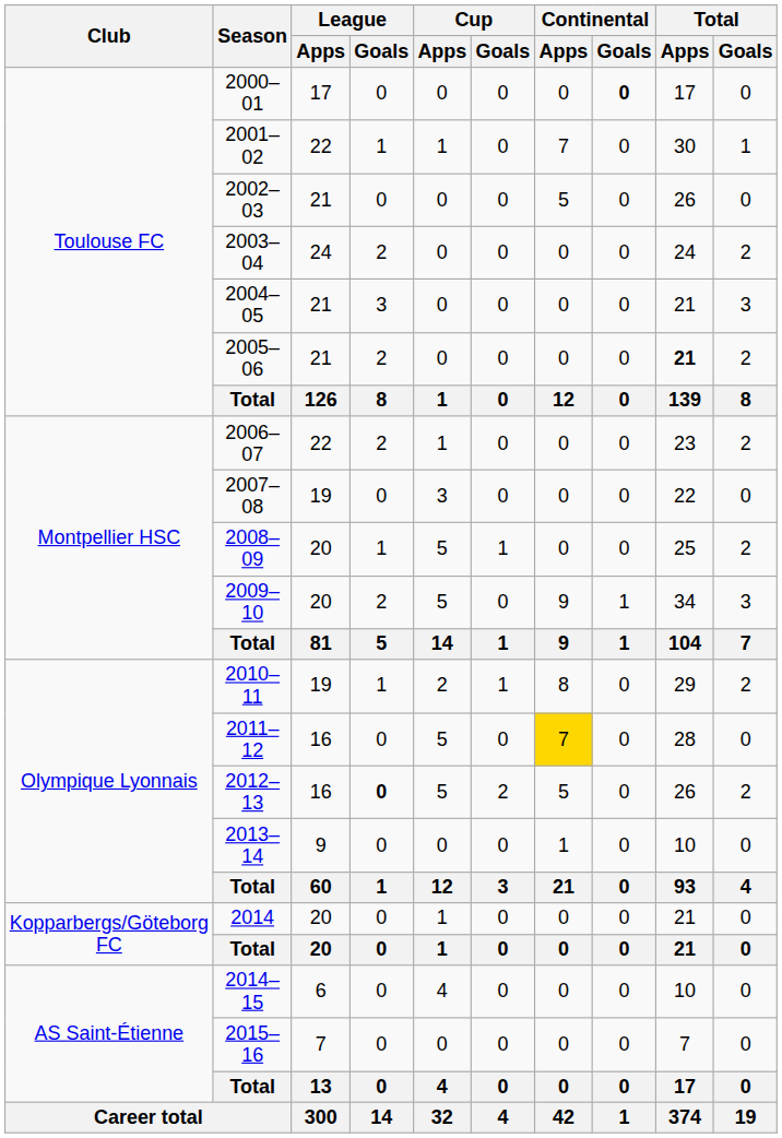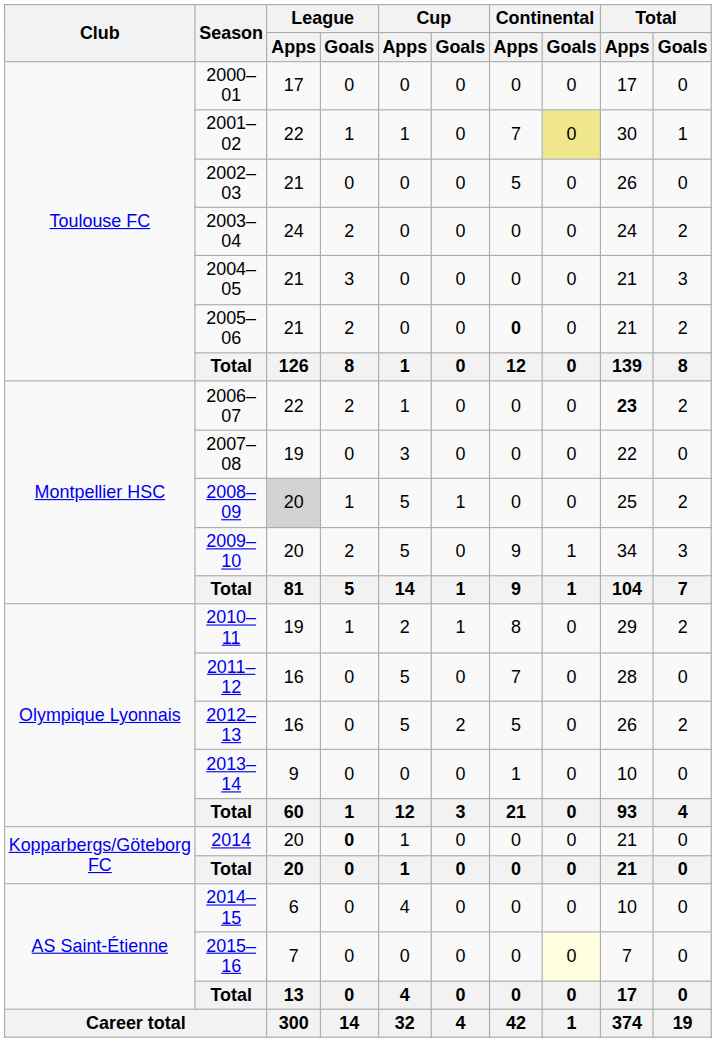 <table class="wikitable" style="text-align: center;">
 <tr>
 <th rowspan="2">Club</th>
 <th rowspan="2">Season</th>
 <th colspan="2">League</th>
 <th colspan="2">Cup</th>
 <th colspan="2">Continental</th>
 <th colspan="2">Total</th>
 </tr>
 <tr>
 <th>Apps</th>
 <th>Goals</th>
 <th>Apps</th>
 <th>Goals</th>
 <th>Apps</th>
 <th>Goals</th>
 <th>Apps</th>
 <th>Goals</th>
 </tr>
 <tr>
 <td rowspan="7" valign="center"><a href='#'>Toulouse FC</a></td>
 <td>2000–01</td>
 <td>17</td>
 <td>0</td>
 <td>0</td>
 <td>0</td>
 <td>0</td>
-<td><strong>0</strong></td>
+<td>0</td>
 <td>17</td>
 <td>0</td>
 </tr>
 <tr>
 <td>2001–02</td>
 <td>22</td>
 <td>1</td>
 <td>1</td>
 <td>0</td>
 <td>7</td>
-<td>0</td>
+<td style="background: khaki;">0</td>
 <td>30</td>
 <td>1</td>
 </tr>
 <tr>
 <td>2002–03</td>
 <td>21</td>
 <td>0</td>
 <td>0</td>
 <td>0</td>
 <td>5</td>
 <td>0</td>
 <td>26</td>
 <td>0</td>
 </tr>
 <tr>
 <td>2003–04</td>
 <td>24</td>
 <td>2</td>
 <td>0</td>
 <td>0</td>
 <td>0</td>
 <td>0</td>
 <td>24</td>
 <td>2</td>
 </tr>
 <tr>
 <td>2004–05</td>
 <td>21</td>
 <td>3</td>
 <td>0</td>
 <td>0</td>
 <td>0</td>
 <td>0</td>
 <td>21</td>
 <td>3</td>
 </tr>
 <tr>
 <td>2005–06</td>
 <td>21</td>
 <td>2</td>
 <td>0</td>
 <td>0</td>
+<td><strong>0</strong></td>
 <td>0</td>
-<td>0</td>
-<td><strong>21</strong></td>
+<td>21</td>
 <td>2</td>
 </tr>
 <tr>
 <th>Total</th>
 <th>126</th>
 <th>8</th>
 <th>1</th>
 <th>0</th>
 <th>12</th>
 <th>0</th>
 <th>139</th>
 <th>8</th>
 </tr>
 <tr>
 <td rowspan="5" valign="center"><a href='#'>Montpellier HSC</a></td>
 <td>2006–07</td>
 <td>22</td>
 <td>2</td>
 <td>1</td>
 <td>0</td>
 <td>0</td>
 <td>0</td>
-<td>23</td>
+<td><strong>23</strong></td>
 <td>2</td>
 </tr>
 <tr>
 <td>2007–08</td>
 <td>19</td>
 <td>0</td>
 <td>3</td>
 <td>0</td>
 <td>0</td>
 <td>0</td>
 <td>22</td>
 <td>0</td>
 </tr>
 <tr>
 <td><a href='#'>2008–09</a></td>
-<td>20</td>
+<td style="background: lightgrey;">20</td>
 <td>1</td>
 <td>5</td>
 <td>1</td>
 <td>0</td>
 <td>0</td>
 <td>25</td>
 <td>2</td>
 </tr>
 <tr>
 <td><a href='#'>2009–10</a></td>
 <td>20</td>
 <td>2</td>
 <td>5</td>
 <td>0</td>
 <td>9</td>
 <td>1</td>
 <td>34</td>
 <td>3</td>
 </tr>
 <tr>
 <th>Total</th>
 <th>81</th>
 <th>5</th>
 <th>14</th>
 <th>1</th>
 <th>9</th>
 <th>1</th>
 <th>104</th>
 <th>7</th>
 </tr>
 <tr>
 <td rowspan="5" valign="center"><a href='#'>Olympique Lyonnais</a></td>
 <td><a href='#'>2010–11</a></td>
 <td>19</td>
 <td>1</td>
 <td>2</td>
 <td>1</td>
 <td>8</td>
 <td>0</td>
 <td>29</td>
 <td>2</td>
 </tr>
 <tr>
 <td><a href='#'>2011–12</a></td>
 <td>16</td>
 <td>0</td>
 <td>5</td>
 <td>0</td>
-<td style="background: gold;">7</td>
+<td>7</td>
 <td>0</td>
 <td>28</td>
 <td>0</td>
 </tr>
 <tr>
 <td><a href='#'>2012–13</a></td>
 <td>16</td>
-<td><strong>0</strong></td>
+<td>0</td>
 <td>5</td>
 <td>2</td>
 <td>5</td>
 <td>0</td>
 <td>26</td>
 <td>2</td>
 </tr>
 <tr>
 <td><a href='#'>2013–14</a></td>
 <td>9</td>
 <td>0</td>
 <td>0</td>
 <td>0</td>
 <td>1</td>
 <td>0</td>
 <td>10</td>
 <td>0</td>
 </tr>
 <tr>
 <th>Total</th>
 <th>60</th>
 <th>1</th>
 <th>12</th>
 <th>3</th>
 <th>21</th>
 <th>0</th>
 <th>93</th>
 <th>4</th>
 </tr>
 <tr>
 <td rowspan="2" valign="center"><a href='#'>Kopparbergs/Göteborg FC</a></td>
 <td><a href='#'>2014</a></td>
 <td>20</td>
-<td>0</td>
+<td><strong>0</strong></td>
 <td>1</td>
 <td>0</td>
 <td>0</td>
 <td>0</td>
 <td>21</td>
 <td>0</td>
 </tr>
 <tr>
 <th>Total</th>
 <th>20</th>
 <th>0</th>
 <th>1</th>
 <th>0</th>
 <th>0</th>
 <th>0</th>
 <th>21</th>
 <th>0</th>
 </tr>
 <tr>
 <td rowspan="3" valign="center"><a href='#'>AS Saint-Étienne</a></td>
 <td><a href='#'>2014–15</a></td>
 <td>6</td>
 <td>0</td>
 <td>4</td>
 <td>0</td>
 <td>0</td>
 <td>0</td>
 <td>10</td>
 <td>0</td>
 </tr>
 <tr>
 <td><a href='#'>2015–16</a></td>
 <td>7</td>
 <td>0</td>
 <td>0</td>
 <td>0</td>
 <td>0</td>
-<td>0</td>
+<td style="background: lightyellow;">0</td>
 <td>7</td>
 <td>0</td>
 </tr>
 <tr>
 <th>Total</th>
 <th>13</th>
 <th>0</th>
 <th>4</th>
 <th>0</th>
 <th>0</th>
 <th>0</th>
 <th>17</th>
 <th>0</th>
 </tr>
 <tr>
 <th colspan="2">Career total</th>
 <th>300</th>
 <th>14</th>
 <th>32</th>
 <th>4</th>
 <th>42</th>
 <th>1</th>
 <th>374</th>
 <th>19</th>
 </tr>
 </table>
